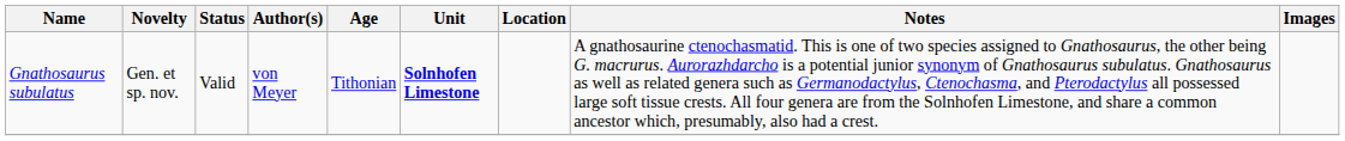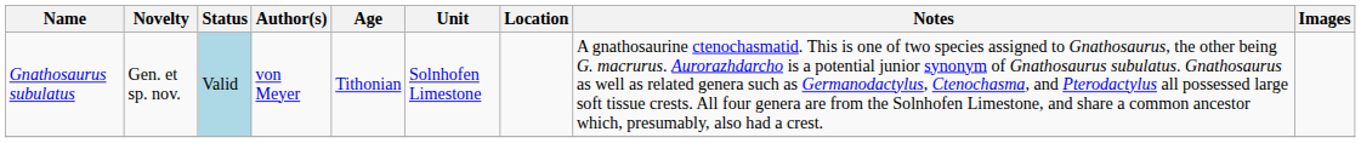 <table class="wikitable sortable" align="center" width="100%">
 <tr>
 <th>Name</th>
 <th>Novelty</th>
 <th>Status</th>
 <th>Author(s)</th>
 <th>Age</th>
 <th>Unit</th>
 <th>Location</th>
 <th>Notes</th>
 <th>Images</th>
 </tr>
 <tr>
 <td><em><a href='#'>Gnathosaurus subulatus</a></em></td>
 <td>Gen. et sp. nov.</td>
-<td>Valid</td>
+<td style="background: lightblue;">Valid</td>
 <td><a href='#'>von Meyer</a></td>
 <td><a href='#'>Tithonian</a></td>
-<td><strong><a href='#'>Solnhofen Limestone</a></strong></td>
+<td><a href='#'>Solnhofen Limestone</a></td>
 <td></td>
 <td>A gnathosaurine <a href='#'>ctenochasmatid</a>. This is one of two species assigned to <em>Gnathosaurus</em>, the other being <em>G. macrurus</em>. <em><a href='#'>Aurorazhdarcho</a></em> is a potential junior <a href='#'>synonym</a> of <em>Gnathosaurus subulatus</em>. <em>Gnathosaurus</em> as well as related genera such as <em><a href='#'>Germanodactylus</a></em>, <em><a href='#'>Ctenochasma</a></em>, and <em><a href='#'>Pterodactylus</a></em> all possessed large soft tissue crests. All four genera are from the Solnhofen Limestone, and share a common ancestor which, presumably, also had a crest.</td>
 <td></td>
 </tr>
 <tr>
 </tr>
 </table>
